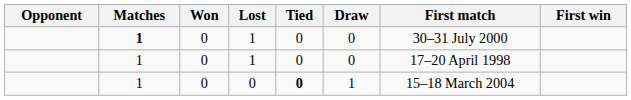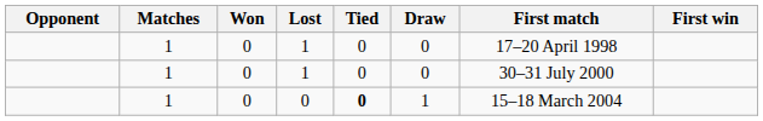 <table class="wikitable plainrowheaders sortable" style="text-align: center; width: 700px;">
 <tr>
 <th>Opponent</th>
 <th>Matches</th>
 <th>Won</th>
 <th>Lost</th>
 <th>Tied</th>
 <th>Draw</th>
 <th>First match</th>
 <th>First win</th>
-</tr>
-<tr>
-<td align=left></td>
-<td><strong>1</strong></td>
-<td>0</td>
-<td>1</td>
-<td>0</td>
-<td>0</td>
-<td>30–31 July 2000</td>
-<td></td>
 </tr>
 <tr>
 <td align=left></td>
 <td>1</td>
 <td>0</td>
 <td>1</td>
 <td>0</td>
 <td>0</td>
 <td>17–20 April 1998</td>
 <td></td>
 </tr>
 <tr>
 <td align=left></td>
 <td>1</td>
 <td>0</td>
+<td>1</td>
+<td>0</td>
+<td>0</td>
+<td>30–31 July 2000</td>
+<td></td>
+</tr>
+<tr>
+<td align=left></td>
+<td>1</td>
+<td>0</td>
 <td>0</td>
 <td><strong>0</strong></td>
 <td>1</td>
 <td>15–18 March 2004</td>
 <td></td>
 </tr>
 </table>
